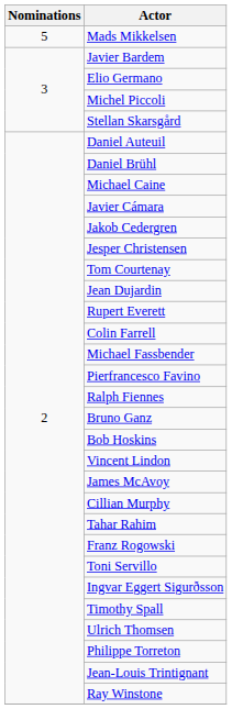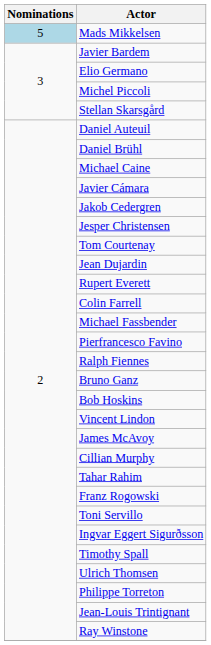 <table class="wikitable sortable">
 <tr>
 <th>Nominations</th>
 <th>Actor</th>
 </tr>
 <tr>
-<td style="text-align:center">5</td>
+<td style="background: lightblue; text-align:center">5</td>
 <td><a href='#'>Mads Mikkelsen</a></td>
 </tr>
 <tr>
 <td rowspan="4" style="text-align:center">3</td>
 <td><a href='#'>Javier Bardem</a></td>
 </tr>
 <tr>
 <td><a href='#'>Elio Germano</a></td>
 </tr>
 <tr>
 <td><a href='#'>Michel Piccoli</a></td>
 </tr>
 <tr>
 <td><a href='#'>Stellan Skarsgård</a></td>
 </tr>
 <tr>
 <td rowspan="27" style="text-align:center">2</td>
 <td><a href='#'>Daniel Auteuil</a></td>
 </tr>
 <tr>
 <td><a href='#'>Daniel Brühl</a></td>
 </tr>
 <tr>
 <td><a href='#'>Michael Caine</a></td>
 </tr>
 <tr>
 <td><a href='#'>Javier Cámara</a></td>
 </tr>
 <tr>
 <td><a href='#'>Jakob Cedergren</a></td>
 </tr>
 <tr>
 <td><a href='#'>Jesper Christensen</a></td>
 </tr>
 <tr>
 <td><a href='#'>Tom Courtenay</a></td>
 </tr>
 <tr>
 <td><a href='#'>Jean Dujardin</a></td>
 </tr>
 <tr>
 <td><a href='#'>Rupert Everett</a></td>
 </tr>
 <tr>
 <td><a href='#'>Colin Farrell</a></td>
 </tr>
 <tr>
 <td><a href='#'>Michael Fassbender</a></td>
 </tr>
 <tr>
 <td><a href='#'>Pierfrancesco Favino</a></td>
 </tr>
 <tr>
 <td><a href='#'>Ralph Fiennes</a></td>
 </tr>
 <tr>
 <td><a href='#'>Bruno Ganz</a></td>
 </tr>
 <tr>
 <td><a href='#'>Bob Hoskins</a></td>
 </tr>
 <tr>
 <td><a href='#'>Vincent Lindon</a></td>
 </tr>
 <tr>
 <td><a href='#'>James McAvoy</a></td>
 </tr>
 <tr>
 <td><a href='#'>Cillian Murphy</a></td>
 </tr>
 <tr>
 <td><a href='#'>Tahar Rahim</a></td>
 </tr>
 <tr>
 <td><a href='#'>Franz Rogowski</a></td>
 </tr>
 <tr>
 <td><a href='#'>Toni Servillo</a></td>
 </tr>
 <tr>
 <td><a href='#'>Ingvar Eggert Sigurðsson</a></td>
 </tr>
 <tr>
 <td><a href='#'>Timothy Spall</a></td>
 </tr>
 <tr>
 <td><a href='#'>Ulrich Thomsen</a></td>
 </tr>
 <tr>
 <td><a href='#'>Philippe Torreton</a></td>
 </tr>
 <tr>
 <td><a href='#'>Jean-Louis Trintignant</a></td>
 </tr>
 <tr>
 <td><a href='#'>Ray Winstone</a></td>
 </tr>
 <tr>
 </tr>
 </table>
